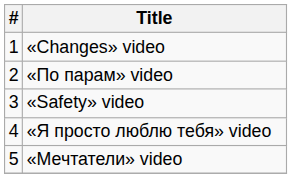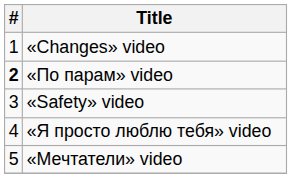 <table class="wikitable">
 <tr>
 <th align="center">#</th>
 <th align="center" width="230">Title</th>
 </tr>
 <tr>
 <td>1</td>
 <td>«Changes» video</td>
 </tr>
 <tr>
-<td>2</td>
+<td><strong>2</strong></td>
 <td>«По парам» video</td>
 </tr>
 <tr>
 <td>3</td>
 <td>«Safety» video</td>
 </tr>
 <tr>
 <td>4</td>
 <td>«Я просто люблю тебя» video</td>
 </tr>
 <tr>
 <td>5</td>
 <td>«Мечтатели» video</td>
 </tr>
 <tr>
 </tr>
 </table>
